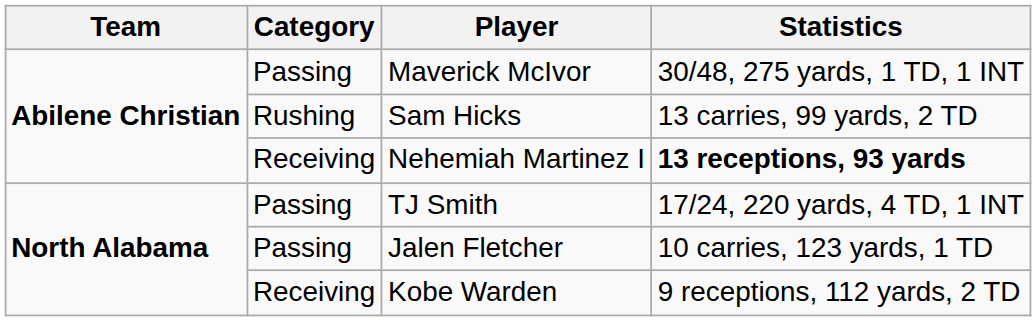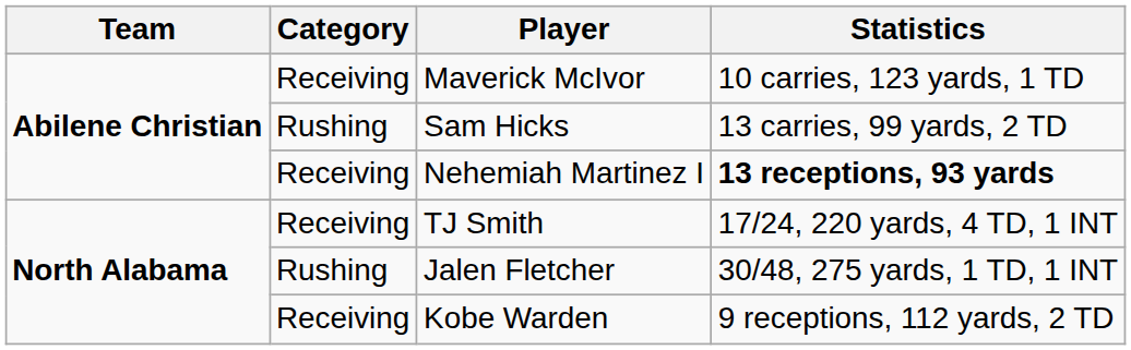 <table class="wikitable" style="float: right;">
 <tr>
 <th>Team</th>
 <th>Category</th>
 <th>Player</th>
 <th>Statistics</th>
 </tr>
 <tr>
 <td rowspan=3><strong>Abilene Christian</strong></td>
-<td>Passing</td>
+<td>Receiving</td>
 <td>Maverick McIvor</td>
-<td>30/48, 275 yards, 1 TD, 1 INT</td>
+<td>10 carries, 123 yards, 1 TD</td>
 </tr>
 <tr>
 <td>Rushing</td>
 <td>Sam Hicks</td>
 <td>13 carries, 99 yards, 2 TD</td>
 </tr>
 <tr>
 <td>Receiving</td>
 <td>Nehemiah Martinez I</td>
 <td><strong>13 receptions, 93 yards</strong></td>
 </tr>
 <tr>
 <td rowspan=3><strong>North Alabama</strong></td>
-<td>Passing</td>
+<td>Receiving</td>
 <td>TJ Smith</td>
 <td>17/24, 220 yards, 4 TD, 1 INT</td>
 </tr>
 <tr>
-<td>Passing</td>
+<td>Rushing</td>
 <td>Jalen Fletcher</td>
-<td>10 carries, 123 yards, 1 TD</td>
+<td>30/48, 275 yards, 1 TD, 1 INT</td>
 </tr>
 <tr>
 <td>Receiving</td>
 <td>Kobe Warden</td>
 <td>9 receptions, 112 yards, 2 TD</td>
 </tr>
 </table>
